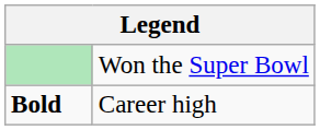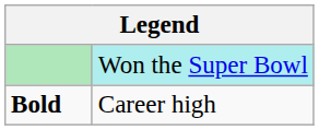 <table class="wikitable">
 <tr>
 <th colspan="3">Legend</th>
 </tr>
 <tr>
 <td style="background:#afe6ba; width:3em;"></td>
-<td>Won the <a href='#'>Super Bowl</a></td>
+<td style="background: paleturquoise;">Won the <a href='#'>Super Bowl</a></td>
 </tr>
 <tr>
 <td><strong>Bold</strong></td>
 <td>Career high</td>
 </tr>
 </table>
